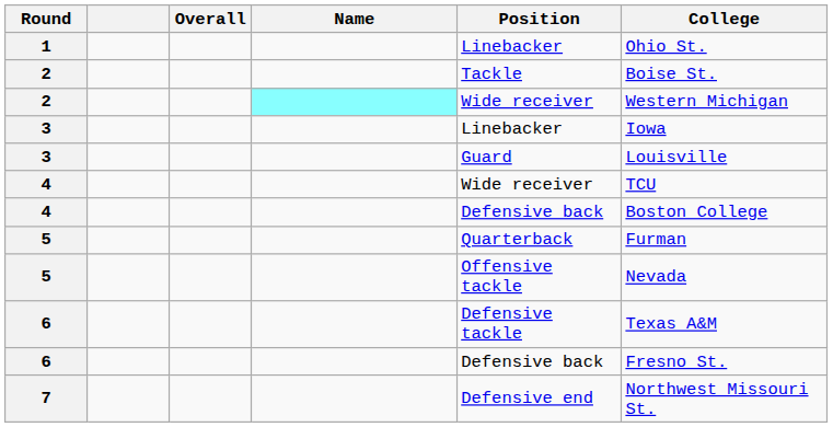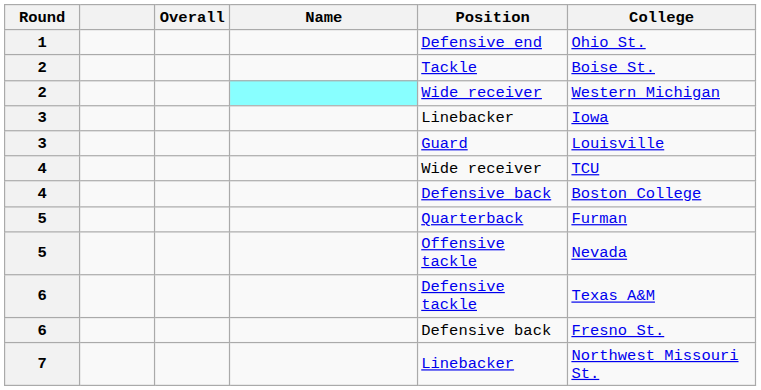 <table class="wikitable sortable" style="width: 50%;">
 <tr>
 <th scope="col" style="width: 10%;">Round</th>
 <th scope="col" style="width: 10%;"></th>
 <th scope="col" style="width: 10%;">Overall</th>
 <th scope="col" style="width: 25%;">Name</th>
 <th scope="col" style="width: 20%;">Position</th>
 <th scope="col" style="width: 25%;">College</th>
 </tr>
 <tr>
 <th scope="row">1</th>
 <td></td>
 <td></td>
 <td></td>
-<td><a href='#'>Linebacker</a></td>
+<td><a href='#'>Defensive end</a></td>
 <td><a href='#'>Ohio St.</a></td>
 </tr>
 <tr>
 <th scope="row">2</th>
 <td></td>
 <td></td>
 <td></td>
 <td><a href='#'>Tackle</a></td>
 <td><a href='#'>Boise St.</a></td>
 </tr>
 <tr>
 <th scope="row">2</th>
 <td></td>
 <td></td>
 <td style="background:#88FFFF;"> <sup></sup></td>
 <td><a href='#'>Wide receiver</a></td>
 <td><a href='#'>Western Michigan</a></td>
 </tr>
 <tr>
 <th scope="row">3</th>
 <td></td>
 <td></td>
 <td></td>
 <td>Linebacker</td>
 <td><a href='#'>Iowa</a></td>
 </tr>
 <tr>
 <th scope="row">3</th>
 <td></td>
 <td></td>
 <td></td>
 <td><a href='#'>Guard</a></td>
 <td><a href='#'>Louisville</a></td>
 </tr>
 <tr>
 <th scope="row">4</th>
 <td></td>
 <td></td>
 <td></td>
 <td>Wide receiver</td>
 <td><a href='#'>TCU</a></td>
 </tr>
 <tr>
 <th scope="row">4</th>
 <td></td>
 <td></td>
 <td></td>
 <td><a href='#'>Defensive back</a></td>
 <td><a href='#'>Boston College</a></td>
 </tr>
 <tr>
 <th scope="row">5</th>
 <td></td>
 <td></td>
 <td></td>
 <td><a href='#'>Quarterback</a></td>
 <td><a href='#'>Furman</a></td>
 </tr>
 <tr>
 <th scope="row">5</th>
 <td></td>
 <td></td>
 <td></td>
 <td><a href='#'>Offensive tackle</a></td>
 <td><a href='#'>Nevada</a></td>
 </tr>
 <tr>
 <th scope="row">6</th>
 <td></td>
 <td></td>
 <td></td>
 <td><a href='#'>Defensive tackle</a></td>
 <td><a href='#'>Texas A&M</a></td>
 </tr>
 <tr>
 <th scope="row">6</th>
 <td></td>
 <td></td>
 <td></td>
 <td>Defensive back</td>
 <td><a href='#'>Fresno St.</a></td>
 </tr>
 <tr>
 <th scope="row">7</th>
 <td></td>
 <td></td>
 <td></td>
-<td><a href='#'>Defensive end</a></td>
+<td><a href='#'>Linebacker</a></td>
 <td><a href='#'>Northwest Missouri St.</a></td>
 </tr>
 </table>
